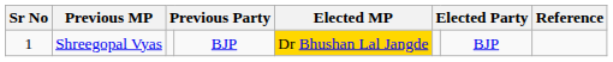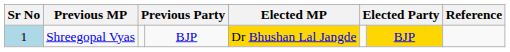 <table class="wikitable">
 <tr>
 <th>Sr No</th>
 <th>Previous MP</th>
 <th colspan=2>Previous Party</th>
 <th>Elected MP</th>
 <th colspan=2>Elected Party</th>
 <th>Reference</th>
 </tr>
 <tr style="text-align:center;">
-<td>1</td>
+<td style="background: lightblue;">1</td>
 <td><a href='#'>Shreegopal Vyas</a></td>
 <td width="1px"></td>
 <td rowspan=1><a href='#'>BJP</a></td>
 <td style="background: gold;">Dr <a href='#'>Bhushan Lal Jangde</a></td>
 <td width="1px"></td>
-<td rowspan=1><a href='#'>BJP</a></td>
+<td rowspan=1 style="background: gold;"><a href='#'>BJP</a></td>
 <td rowspan=1></td>
 </tr>
 </table>
